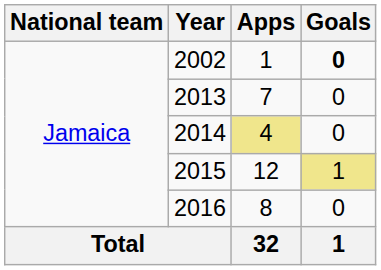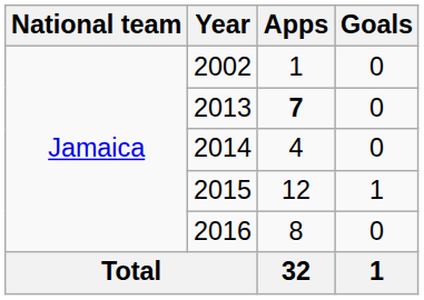 <table class="wikitable" style="text-align: center;">
 <tr>
 <th>National team</th>
 <th>Year</th>
 <th>Apps</th>
 <th>Goals</th>
 </tr>
 <tr>
 <td rowspan=5><a href='#'>Jamaica</a></td>
 <td>2002</td>
 <td>1</td>
-<td><strong>0</strong></td>
+<td>0</td>
 </tr>
 <tr>
 <td>2013</td>
-<td>7</td>
+<td><strong>7</strong></td>
 <td>0</td>
 </tr>
 <tr>
 <td>2014</td>
-<td style="background: khaki;">4</td>
+<td>4</td>
 <td>0</td>
 </tr>
 <tr>
 <td>2015</td>
 <td>12</td>
-<td style="background: khaki;">1</td>
+<td>1</td>
 </tr>
 <tr>
 <td>2016</td>
 <td>8</td>
 <td>0</td>
 </tr>
 <tr>
 <th colspan=2>Total</th>
 <th>32</th>
 <th>1</th>
 </tr>
 </table>
